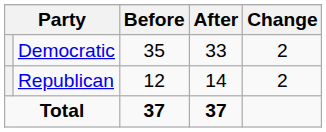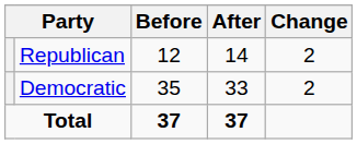 <table class="wikitable" style="text-align:center;">
 <tr>
 </tr>
 <tr>
 <th colspan=2>Party</th>
 <th>Before</th>
 <th>After</th>
 <th>Change</th>
 </tr>
 <tr>
 <th style="background-color:"></th>
-<td style="text-align:left;"><a href='#'>Democratic</a></td>
-<td>35</td>
-<td>33</td>
+<td style="text-align:left;"><a href='#'>Republican</a></td>
+<td>12</td>
+<td>14</td>
 <td> 2</td>
 </tr>
 <tr>
 <th style="background-color:"></th>
-<td style="text-align:left;"><a href='#'>Republican</a></td>
-<td>12</td>
-<td>14</td>
+<td style="text-align:left;"><a href='#'>Democratic</a></td>
+<td>35</td>
+<td>33</td>
 <td> 2</td>
 </tr>
 <tr>
 <td colspan=2><strong>Total</strong></td>
 <td><strong>37</strong></td>
 <td><strong>37</strong></td>
 <td></td>
 </tr>
 </table>
